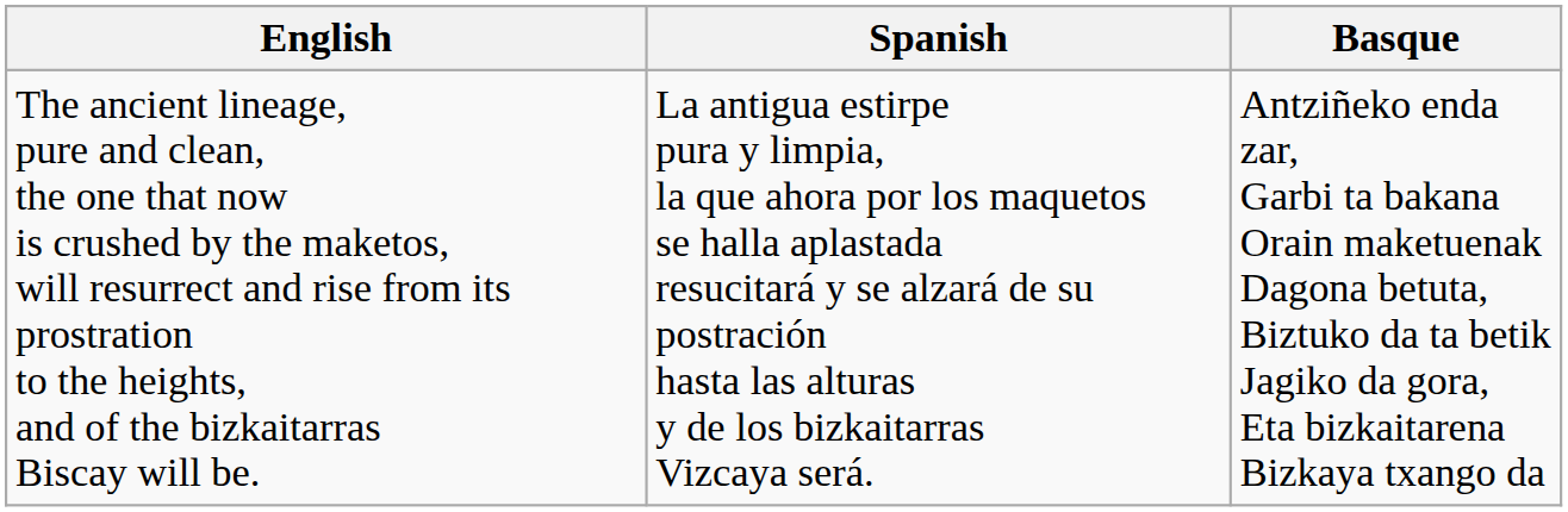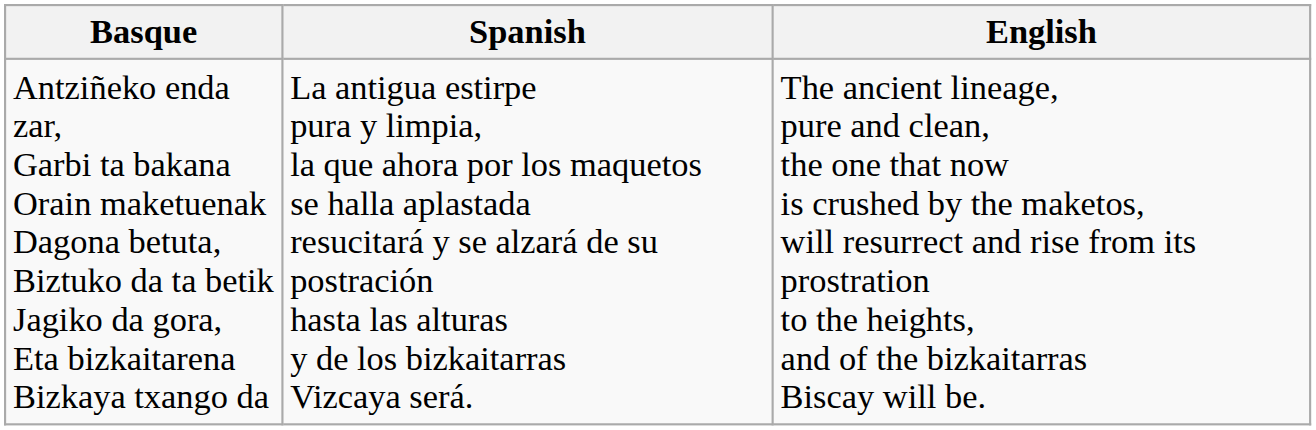 <table class="wikitable">
 <tr>
+<th>Basque</th>
+<th>Spanish</th>
 <th>English</th>
-<th>Spanish</th>
-<th>Basque</th>
 </tr>
 <tr>
+<td>Antziñeko enda zar,<br>Garbi ta bakana<br>Orain maketuenak<br>Dagona betuta,<br>Biztuko da ta betik<br>Jagiko da gora,<br>Eta bizkaitarena<br>Bizkaya txango da</td>
+<td>La antigua estirpe<br>pura y limpia,<br>la que ahora por los maquetos<br>se halla aplastada<br>resucitará y se alzará de su postración<br>hasta las alturas<br>y de los bizkaitarras<br>Vizcaya será.</td>
 <td>The ancient lineage,<br>pure and clean,<br>the one that now<br>is crushed by the maketos,<br>will resurrect and rise from its prostration<br>to the heights,<br>and of the bizkaitarras<br>Biscay will be.</td>
-<td>La antigua estirpe<br>pura y limpia,<br>la que ahora por los maquetos<br>se halla aplastada<br>resucitará y se alzará de su postración<br>hasta las alturas<br>y de los bizkaitarras<br>Vizcaya será.</td>
-<td>Antziñeko enda zar,<br>Garbi ta bakana<br>Orain maketuenak<br>Dagona betuta,<br>Biztuko da ta betik<br>Jagiko da gora,<br>Eta bizkaitarena<br>Bizkaya txango da</td>
 </tr>
 </table>
